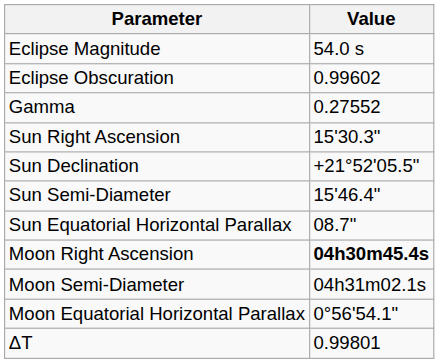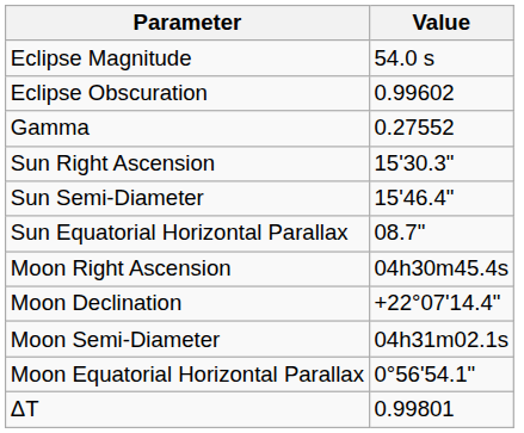 <table class="wikitable">
 <tr>
 <th>Parameter</th>
 <th>Value</th>
 </tr>
 <tr>
 <td>Eclipse Magnitude</td>
 <td>54.0 s</td>
 </tr>
 <tr>
 <td>Eclipse Obscuration</td>
 <td>0.99602</td>
 </tr>
 <tr>
 <td>Gamma</td>
 <td>0.27552</td>
 </tr>
 <tr>
 <td>Sun Right Ascension</td>
 <td>15'30.3"</td>
 </tr>
 <tr>
-<td>Sun Declination</td>
-<td>+21°52'05.5"</td>
-</tr>
-<tr>
 <td>Sun Semi-Diameter</td>
 <td>15'46.4"</td>
 </tr>
 <tr>
 <td>Sun Equatorial Horizontal Parallax</td>
 <td>08.7"</td>
 </tr>
 <tr>
 <td>Moon Right Ascension</td>
-<td><strong>04h30m45.4s</strong></td>
+<td>04h30m45.4s</td>
+</tr>
+<tr>
+<td>Moon Declination</td>
+<td>+22°07'14.4"</td>
 </tr>
 <tr>
 <td>Moon Semi-Diameter</td>
 <td>04h31m02.1s</td>
 </tr>
 <tr>
 <td>Moon Equatorial Horizontal Parallax</td>
 <td>0°56'54.1"</td>
 </tr>
 <tr>
 <td>ΔT</td>
 <td>0.99801</td>
 </tr>
 </table>
